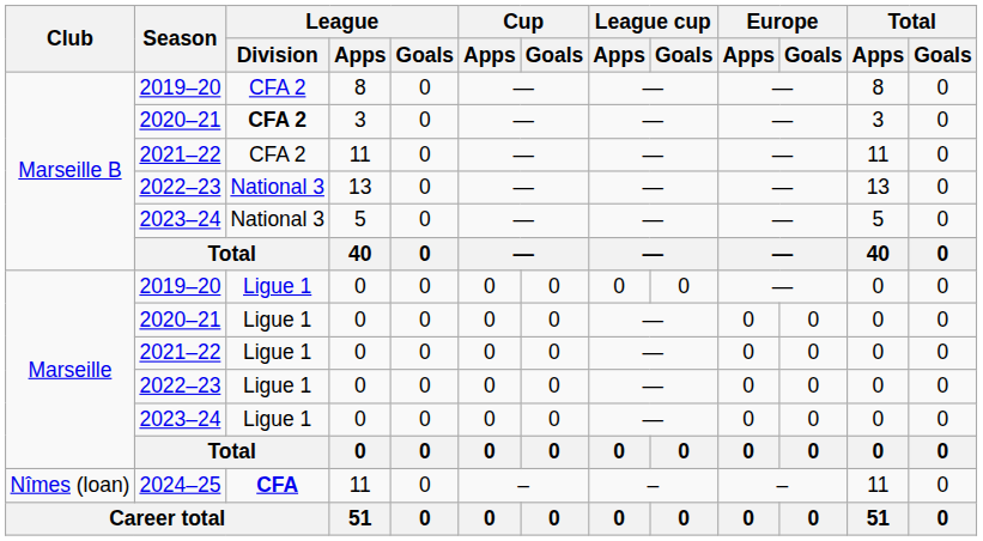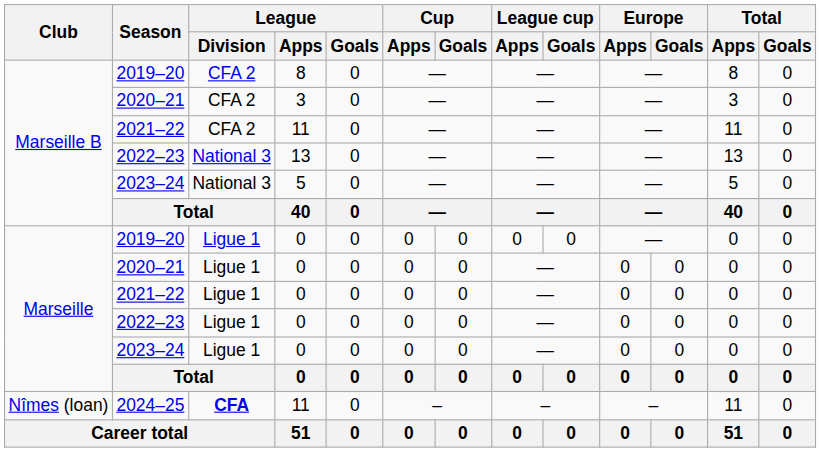 <table class="wikitable" style="text-align:center">
 <tr>
 <th rowspan="2">Club</th>
 <th rowspan="2">Season</th>
 <th colspan="3">League</th>
 <th colspan="2">Cup</th>
 <th colspan="2">League cup</th>
 <th colspan="2">Europe</th>
 <th colspan="2">Total</th>
 </tr>
 <tr>
 <th>Division</th>
 <th>Apps</th>
 <th>Goals</th>
 <th>Apps</th>
 <th>Goals</th>
 <th>Apps</th>
 <th>Goals</th>
 <th>Apps</th>
 <th>Goals</th>
 <th>Apps</th>
 <th>Goals</th>
 </tr>
 <tr>
 <td rowspan="6"><a href='#'>Marseille B</a></td>
 <td><a href='#'>2019–20</a></td>
 <td><a href='#'>CFA 2</a></td>
 <td>8</td>
 <td>0</td>
 <td colspan="2">—</td>
 <td colspan="2">—</td>
 <td colspan="2">—</td>
 <td>8</td>
 <td>0</td>
 </tr>
 <tr>
 <td><a href='#'>2020–21</a></td>
-<td><strong>CFA 2</strong></td>
+<td>CFA 2</td>
 <td>3</td>
 <td>0</td>
 <td colspan="2">—</td>
 <td colspan="2">—</td>
 <td colspan="2">—</td>
 <td>3</td>
 <td>0</td>
 </tr>
 <tr>
 <td><a href='#'>2021–22</a></td>
 <td>CFA 2</td>
 <td>11</td>
 <td>0</td>
 <td colspan="2">—</td>
 <td colspan="2">—</td>
 <td colspan="2">—</td>
 <td>11</td>
 <td>0</td>
 </tr>
 <tr>
 <td><a href='#'>2022–23</a></td>
 <td><a href='#'>National 3</a></td>
 <td>13</td>
 <td>0</td>
 <td colspan="2">—</td>
 <td colspan="2">—</td>
 <td colspan="2">—</td>
 <td>13</td>
 <td>0</td>
 </tr>
 <tr>
 <td><a href='#'>2023–24</a></td>
 <td>National 3</td>
 <td>5</td>
 <td>0</td>
 <td colspan="2">—</td>
 <td colspan="2">—</td>
 <td colspan="2">—</td>
 <td>5</td>
 <td>0</td>
 </tr>
 <tr>
 <th colspan="2">Total</th>
 <th>40</th>
 <th>0</th>
 <th colspan="2">—</th>
 <th colspan="2">—</th>
 <th colspan="2">—</th>
 <th>40</th>
 <th>0</th>
 </tr>
 <tr>
 <td rowspan="6"><a href='#'>Marseille</a></td>
 <td><a href='#'>2019–20</a></td>
 <td><a href='#'>Ligue 1</a></td>
 <td>0</td>
 <td>0</td>
 <td>0</td>
 <td>0</td>
 <td>0</td>
 <td>0</td>
 <td colspan="2">—</td>
 <td>0</td>
 <td>0</td>
 </tr>
 <tr>
 <td><a href='#'>2020–21</a></td>
 <td>Ligue 1</td>
 <td>0</td>
 <td>0</td>
 <td>0</td>
 <td>0</td>
 <td colspan="2">—</td>
 <td>0</td>
 <td>0</td>
 <td>0</td>
 <td>0</td>
 </tr>
 <tr>
 <td><a href='#'>2021–22</a></td>
 <td>Ligue 1</td>
 <td>0</td>
 <td>0</td>
 <td>0</td>
 <td>0</td>
 <td colspan="2">—</td>
 <td>0</td>
 <td>0</td>
 <td>0</td>
 <td>0</td>
 </tr>
 <tr>
 <td><a href='#'>2022–23</a></td>
 <td>Ligue 1</td>
 <td>0</td>
 <td>0</td>
 <td>0</td>
 <td>0</td>
 <td colspan="2">—</td>
 <td>0</td>
 <td>0</td>
 <td>0</td>
 <td>0</td>
 </tr>
 <tr>
 <td><a href='#'>2023–24</a></td>
 <td>Ligue 1</td>
 <td>0</td>
 <td>0</td>
 <td>0</td>
 <td>0</td>
 <td colspan="2">—</td>
 <td>0</td>
 <td>0</td>
 <td>0</td>
 <td>0</td>
 </tr>
 <tr>
 <th colspan="2">Total</th>
 <th>0</th>
 <th>0</th>
 <th>0</th>
 <th>0</th>
 <th>0</th>
 <th>0</th>
 <th>0</th>
 <th>0</th>
 <th>0</th>
 <th>0</th>
 </tr>
 <tr>
 <td><a href='#'>Nîmes</a> (loan)</td>
 <td><a href='#'>2024–25</a></td>
 <td><strong><a href='#'>CFA</a></strong></td>
 <td>11</td>
 <td>0</td>
 <td colspan="2">–</td>
 <td colspan="2">–</td>
 <td colspan="2">–</td>
 <td>11</td>
 <td>0</td>
 </tr>
 <tr>
 <th colspan="3">Career total</th>
 <th>51</th>
 <th>0</th>
 <th>0</th>
 <th>0</th>
 <th>0</th>
 <th>0</th>
 <th>0</th>
 <th>0</th>
 <th>51</th>
 <th>0</th>
 </tr>
 </table>
